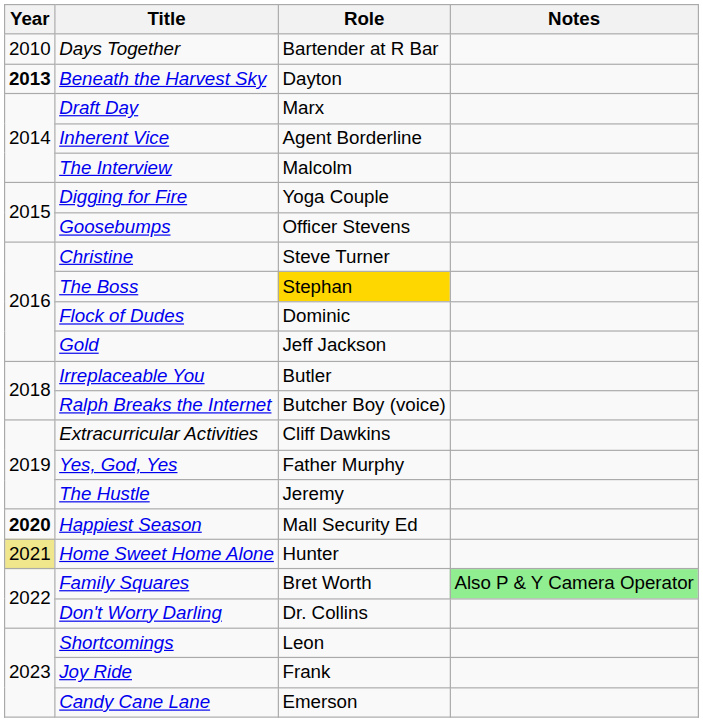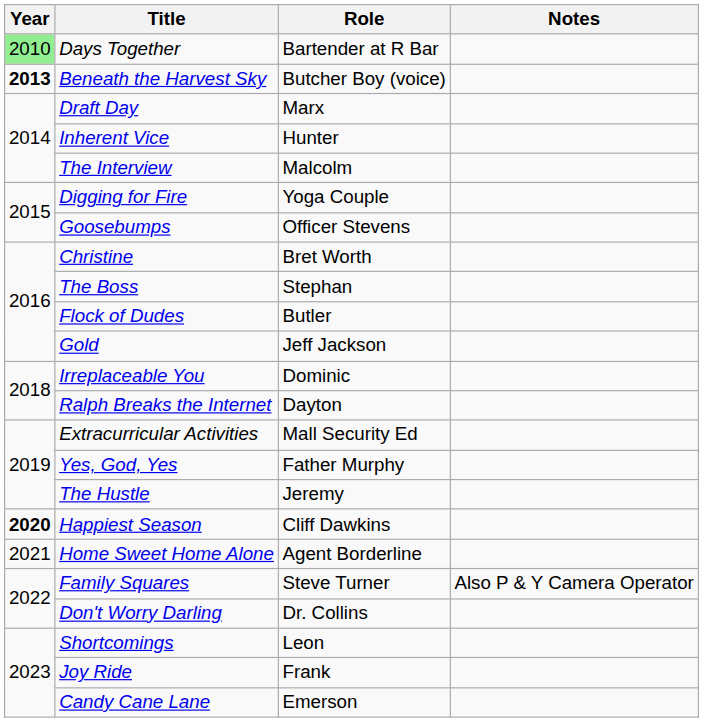 <table class="wikitable sortable">
 <tr>
 <th>Year</th>
 <th>Title</th>
 <th>Role</th>
 <th class="unsortable">Notes</th>
 </tr>
 <tr>
-<td>2010</td>
+<td style="background: lightgreen;">2010</td>
 <td><em>Days Together</em></td>
 <td>Bartender at R Bar</td>
 <td></td>
 </tr>
 <tr>
 <td><strong>2013</strong></td>
 <td><em><a href='#'>Beneath the Harvest Sky</a></em></td>
-<td>Dayton</td>
+<td>Butcher Boy (voice)</td>
 <td></td>
 </tr>
 <tr>
 <td rowspan=3>2014</td>
 <td><em><a href='#'>Draft Day</a></em></td>
 <td>Marx</td>
 <td></td>
 </tr>
 <tr>
 <td><em><a href='#'>Inherent Vice</a></em></td>
-<td>Agent Borderline</td>
+<td>Hunter</td>
 <td></td>
 </tr>
 <tr>
 <td><em><a href='#'>The Interview</a></em></td>
 <td>Malcolm</td>
 <td></td>
 </tr>
 <tr>
 <td rowspan=2>2015</td>
 <td><em><a href='#'>Digging for Fire</a></em></td>
 <td>Yoga Couple</td>
 <td></td>
 </tr>
 <tr>
 <td><em><a href='#'>Goosebumps</a></em></td>
 <td>Officer Stevens</td>
 <td></td>
 </tr>
 <tr>
 <td rowspan=4>2016</td>
 <td><em><a href='#'>Christine</a></em></td>
-<td>Steve Turner</td>
+<td>Bret Worth</td>
 <td></td>
 </tr>
 <tr>
 <td><em><a href='#'>The Boss</a></em></td>
-<td style="background: gold;">Stephan</td>
+<td>Stephan</td>
 <td></td>
 </tr>
 <tr>
 <td><em><a href='#'>Flock of Dudes</a></em></td>
-<td>Dominic</td>
+<td>Butler</td>
 <td></td>
 </tr>
 <tr>
 <td><em><a href='#'>Gold</a></em></td>
 <td>Jeff Jackson</td>
 <td></td>
 </tr>
 <tr>
 <td rowspan=2>2018</td>
 <td><em><a href='#'>Irreplaceable You</a></em></td>
-<td>Butler</td>
+<td>Dominic</td>
 <td></td>
 </tr>
 <tr>
 <td><em><a href='#'>Ralph Breaks the Internet</a></em></td>
-<td>Butcher Boy (voice)</td>
+<td>Dayton</td>
 <td></td>
 </tr>
 <tr>
 <td rowspan=3>2019</td>
 <td><em>Extracurricular Activities</em></td>
-<td>Cliff Dawkins</td>
+<td>Mall Security Ed</td>
 <td></td>
 </tr>
 <tr>
 <td><em><a href='#'>Yes, God, Yes</a></em></td>
 <td>Father Murphy</td>
 <td></td>
 </tr>
 <tr>
 <td><em><a href='#'>The Hustle</a></em></td>
 <td>Jeremy</td>
 <td></td>
 </tr>
 <tr>
 <td><strong>2020</strong></td>
 <td><em><a href='#'>Happiest Season</a></em></td>
-<td>Mall Security Ed</td>
+<td>Cliff Dawkins</td>
 <td></td>
 </tr>
 <tr>
-<td style="background: khaki;">2021</td>
+<td>2021</td>
 <td><em><a href='#'>Home Sweet Home Alone</a></em></td>
-<td>Hunter</td>
+<td>Agent Borderline</td>
 <td></td>
 </tr>
 <tr>
 <td rowspan=2>2022</td>
 <td><em><a href='#'>Family Squares</a></em></td>
-<td>Bret Worth</td>
-<td style="background: lightgreen;">Also P & Y Camera Operator</td>
+<td>Steve Turner</td>
+<td>Also P & Y Camera Operator</td>
 </tr>
 <tr>
 <td><em><a href='#'>Don't Worry Darling</a></em></td>
 <td>Dr. Collins</td>
 <td></td>
 </tr>
 <tr>
 <td rowspan=3>2023</td>
 <td><em><a href='#'>Shortcomings</a></em></td>
 <td>Leon</td>
 <td></td>
 </tr>
 <tr>
 <td><em><a href='#'>Joy Ride</a></em></td>
 <td>Frank</td>
 <td></td>
 </tr>
 <tr>
 <td><em><a href='#'>Candy Cane Lane</a></em></td>
 <td>Emerson</td>
 <td></td>
 </tr>
 </table>
